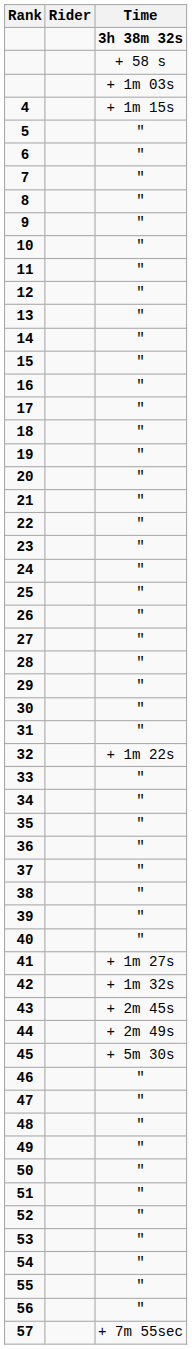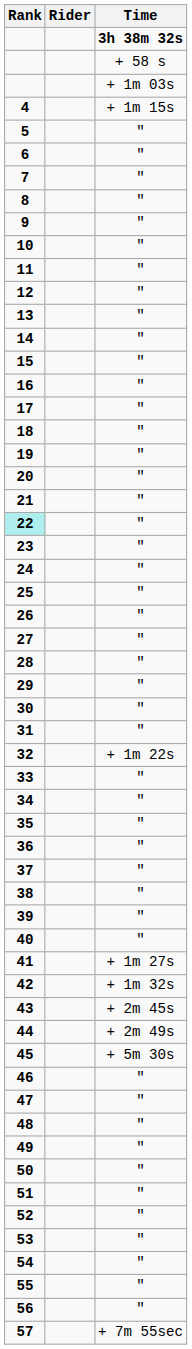 <table class=wikitable  style="text-align:center; font-size:100%;">
 <tr>
 <th>Rank</th>
 <th>Rider</th>
 <th>Time</th>
 </tr>
 <tr>
 <td></td>
 <td align="left"></td>
 <td><strong>3h 38m 32s</strong></td>
 </tr>
 <tr>
 <td></td>
 <td align="left"></td>
 <td>+ 58 s</td>
 </tr>
 <tr>
 <td></td>
 <td align="left"></td>
 <td>+ 1m 03s</td>
 </tr>
 <tr>
 <td><strong>4</strong></td>
 <td align="left"></td>
 <td>+ 1m 15s</td>
 </tr>
 <tr>
 <td><strong>5</strong></td>
 <td align="left"></td>
 <td>"</td>
 </tr>
 <tr>
 <td><strong>6</strong></td>
 <td align="left"></td>
 <td>"</td>
 </tr>
 <tr>
 <td><strong>7</strong></td>
 <td align="left"></td>
 <td>"</td>
 </tr>
 <tr>
 <td><strong>8</strong></td>
 <td align="left"></td>
 <td>"</td>
 </tr>
 <tr>
 <td><strong>9</strong></td>
 <td align="left"></td>
 <td>"</td>
 </tr>
 <tr>
 <td><strong>10</strong></td>
 <td align="left"></td>
 <td>"</td>
 </tr>
 <tr>
 <td><strong>11</strong></td>
 <td align="left"></td>
 <td>"</td>
 </tr>
 <tr>
 <td><strong>12</strong></td>
 <td align="left"></td>
 <td>"</td>
 </tr>
 <tr>
 <td><strong>13</strong></td>
 <td align="left"></td>
 <td>"</td>
 </tr>
 <tr>
 <td><strong>14</strong></td>
 <td align="left"></td>
 <td>"</td>
 </tr>
 <tr>
 <td><strong>15</strong></td>
 <td align="left"></td>
 <td>"</td>
 </tr>
 <tr>
 <td><strong>16</strong></td>
 <td align="left"></td>
 <td>"</td>
 </tr>
 <tr>
 <td><strong>17</strong></td>
 <td align="left"></td>
 <td>"</td>
 </tr>
 <tr>
 <td><strong>18</strong></td>
 <td align="left"></td>
 <td>"</td>
 </tr>
 <tr>
 <td><strong>19</strong></td>
 <td align="left"></td>
 <td>"</td>
 </tr>
 <tr>
 <td><strong>20</strong></td>
 <td align="left"></td>
 <td>"</td>
 </tr>
 <tr>
 <td><strong>21</strong></td>
 <td align="left"></td>
 <td>"</td>
 </tr>
 <tr>
-<td><strong>22</strong></td>
+<td style="background: paleturquoise;"><strong>22</strong></td>
 <td align="left"></td>
 <td>"</td>
 </tr>
 <tr>
 <td><strong>23</strong></td>
 <td align="left"></td>
 <td>"</td>
 </tr>
 <tr>
 <td><strong>24</strong></td>
 <td align="left"></td>
 <td>"</td>
 </tr>
 <tr>
 <td><strong>25</strong></td>
 <td align="left"></td>
 <td>"</td>
 </tr>
 <tr>
 <td><strong>26</strong></td>
 <td align="left"></td>
 <td>"</td>
 </tr>
 <tr>
 <td><strong>27</strong></td>
 <td align="left"></td>
 <td>"</td>
 </tr>
 <tr>
 <td><strong>28</strong></td>
 <td align="left"></td>
 <td>"</td>
 </tr>
 <tr>
 <td><strong>29</strong></td>
 <td align="left"></td>
 <td>"</td>
 </tr>
 <tr>
 <td><strong>30</strong></td>
 <td align="left"></td>
 <td>"</td>
 </tr>
 <tr>
 <td><strong>31</strong></td>
 <td align="left"></td>
 <td>"</td>
 </tr>
 <tr>
 <td><strong>32</strong></td>
 <td align="left"></td>
 <td>+ 1m 22s</td>
 </tr>
 <tr>
 <td><strong>33</strong></td>
 <td align="left"></td>
 <td>"</td>
 </tr>
 <tr>
 <td><strong>34</strong></td>
 <td align="left"></td>
 <td>"</td>
 </tr>
 <tr>
 <td><strong>35</strong></td>
 <td align="left"></td>
 <td>"</td>
 </tr>
 <tr>
 <td><strong>36</strong></td>
 <td align="left"></td>
 <td>"</td>
 </tr>
 <tr>
 <td><strong>37</strong></td>
 <td align="left"></td>
 <td>"</td>
 </tr>
 <tr>
 <td><strong>38</strong></td>
 <td align="left"></td>
 <td>"</td>
 </tr>
 <tr>
 <td><strong>39</strong></td>
 <td align="left"></td>
 <td>"</td>
 </tr>
 <tr>
 <td><strong>40</strong></td>
 <td align="left"></td>
 <td>"</td>
 </tr>
 <tr>
 <td><strong>41</strong></td>
 <td align="left"></td>
 <td>+ 1m 27s</td>
 </tr>
 <tr>
 <td><strong>42</strong></td>
 <td align="left"></td>
 <td>+ 1m 32s</td>
 </tr>
 <tr>
 <td><strong>43</strong></td>
 <td align="left"></td>
 <td>+ 2m 45s</td>
 </tr>
 <tr>
 <td><strong>44</strong></td>
 <td align="left"></td>
 <td>+ 2m 49s</td>
 </tr>
 <tr>
 <td><strong>45</strong></td>
 <td align="left"></td>
 <td>+ 5m 30s</td>
 </tr>
 <tr>
 <td><strong>46</strong></td>
 <td align="left"></td>
 <td>"</td>
 </tr>
 <tr>
 <td><strong>47</strong></td>
 <td align="left"></td>
 <td>"</td>
 </tr>
 <tr>
 <td><strong>48</strong></td>
 <td align="left"></td>
 <td>"</td>
 </tr>
 <tr>
 <td><strong>49</strong></td>
 <td align="left"></td>
 <td>"</td>
 </tr>
 <tr>
 <td><strong>50</strong></td>
 <td align="left"></td>
 <td>"</td>
 </tr>
 <tr>
 <td><strong>51</strong></td>
 <td align="left"></td>
 <td>"</td>
 </tr>
 <tr>
 <td><strong>52</strong></td>
 <td align="left"></td>
 <td>"</td>
 </tr>
 <tr>
 <td><strong>53</strong></td>
 <td align="left"></td>
 <td>"</td>
 </tr>
 <tr>
 <td><strong>54</strong></td>
 <td align="left"></td>
 <td>"</td>
 </tr>
 <tr>
 <td><strong>55</strong></td>
 <td align="left"></td>
 <td>"</td>
 </tr>
 <tr>
 <td><strong>56</strong></td>
 <td align="left"></td>
 <td>"</td>
 </tr>
 <tr>
 <td><strong>57</strong></td>
 <td align="left"></td>
 <td>+ 7m 55sec</td>
 </tr>
 </table>
